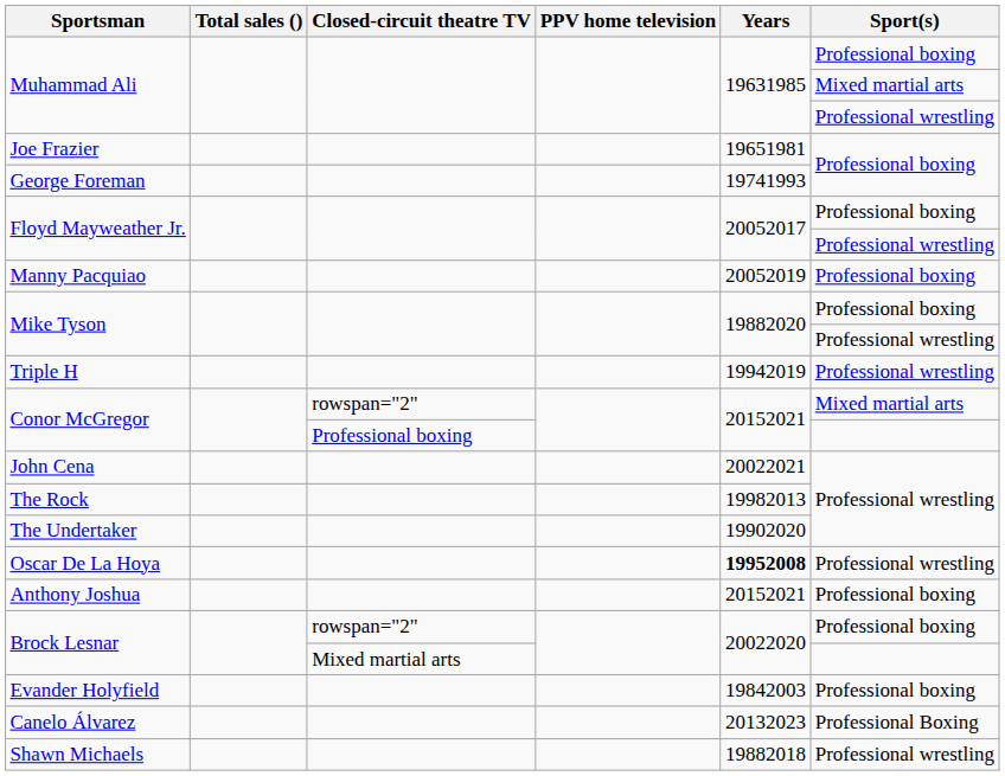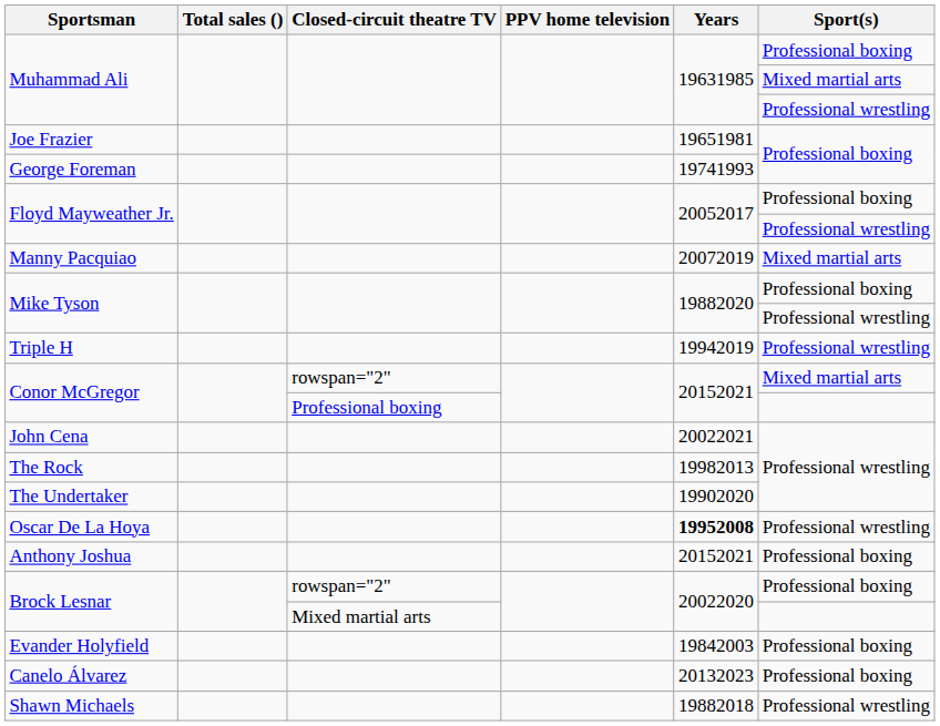 <table class="wikitable sortable">
 <tr>
 <th>Sportsman</th>
 <th>Total sales ()</th>
 <th>Closed-circuit theatre TV</th>
 <th>PPV home television</th>
 <th>Years</th>
 <th>Sport(s)</th>
 </tr>
 <tr>
 <td rowspan="3"><a href='#'>Muhammad Ali</a></td>
 <td rowspan="3"></td>
 <td rowspan="3"></td>
 <td rowspan="3"></td>
 <td rowspan="3">19631985</td>
 <td><a href='#'>Professional boxing</a></td>
 </tr>
 <tr>
 <td><a href='#'>Mixed martial arts</a></td>
 </tr>
 <tr>
 <td><a href='#'>Professional wrestling</a></td>
 </tr>
 <tr>
 <td><a href='#'>Joe Frazier</a></td>
 <td></td>
 <td></td>
 <td></td>
 <td>19651981</td>
 <td rowspan="2"><a href='#'>Professional boxing</a></td>
 </tr>
 <tr>
 <td><a href='#'>George Foreman</a></td>
 <td></td>
 <td></td>
 <td></td>
 <td>19741993</td>
 </tr>
 <tr>
 <td rowspan="2"><a href='#'>Floyd Mayweather Jr.</a></td>
 <td rowspan="2"></td>
 <td rowspan="2"></td>
 <td rowspan="2"></td>
 <td rowspan="2">20052017</td>
 <td>Professional boxing</td>
 </tr>
 <tr>
 <td><a href='#'>Professional wrestling</a></td>
 </tr>
 <tr>
 <td><a href='#'>Manny Pacquiao</a></td>
 <td></td>
 <td></td>
 <td></td>
-<td>20052019</td>
-<td><a href='#'>Professional boxing</a></td>
+<td>20072019</td>
+<td><a href='#'>Mixed martial arts</a></td>
 </tr>
 <tr>
 <td rowspan="2"><a href='#'>Mike Tyson</a></td>
 <td rowspan="2"></td>
 <td rowspan="2"></td>
 <td rowspan="2"></td>
 <td rowspan="2">19882020</td>
 <td>Professional boxing</td>
 </tr>
 <tr>
 <td>Professional wrestling</td>
 </tr>
 <tr>
 <td><a href='#'>Triple H</a></td>
 <td></td>
 <td></td>
 <td></td>
 <td>19942019</td>
 <td><a href='#'>Professional wrestling</a></td>
 </tr>
 <tr>
 <td rowspan="2"><a href='#'>Conor McGregor</a></td>
 <td rowspan="2"></td>
 <td>rowspan="2" </td>
 <td rowspan="2"></td>
 <td rowspan="2">20152021</td>
 <td><a href='#'>Mixed martial arts</a></td>
 </tr>
 <tr>
 <td><a href='#'>Professional boxing</a></td>
 </tr>
 <tr>
 <td><a href='#'>John Cena</a></td>
 <td></td>
 <td></td>
 <td></td>
 <td>20022021</td>
 <td rowspan="3">Professional wrestling</td>
 </tr>
 <tr>
 <td><a href='#'>The Rock</a></td>
 <td></td>
 <td></td>
 <td></td>
 <td>19982013</td>
 </tr>
 <tr>
 <td><a href='#'>The Undertaker</a></td>
 <td></td>
 <td></td>
 <td></td>
 <td>19902020</td>
 </tr>
 <tr>
 <td><a href='#'>Oscar De La Hoya</a></td>
 <td></td>
 <td></td>
 <td></td>
 <td><strong>19952008</strong></td>
 <td>Professional wrestling</td>
 </tr>
 <tr>
 <td><a href='#'>Anthony Joshua</a></td>
 <td></td>
 <td></td>
 <td></td>
 <td>20152021</td>
 <td>Professional boxing</td>
 </tr>
 <tr>
 <td rowspan="2"><a href='#'>Brock Lesnar</a></td>
 <td rowspan="2"></td>
 <td>rowspan="2" </td>
 <td rowspan="2"></td>
 <td rowspan="2">20022020</td>
 <td>Professional boxing</td>
 </tr>
 <tr>
 <td>Mixed martial arts</td>
 </tr>
 <tr>
 <td><a href='#'>Evander Holyfield</a></td>
 <td></td>
 <td></td>
 <td></td>
 <td>19842003</td>
 <td>Professional boxing</td>
 </tr>
 <tr>
 <td><a href='#'>Canelo Álvarez</a></td>
 <td></td>
 <td></td>
 <td></td>
 <td>20132023</td>
-<td>Professional Boxing</td>
+<td>Professional boxing</td>
 </tr>
 <tr>
 <td><a href='#'>Shawn Michaels</a></td>
 <td></td>
 <td></td>
 <td></td>
 <td>19882018</td>
 <td>Professional wrestling</td>
 </tr>
 </table>
